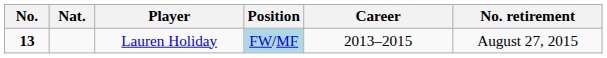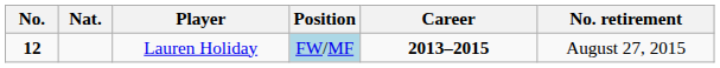 <table class="wikitable" style="text-align:center">
 <tr>
 <th style="width:40px;">No.</th>
 <th style="width:40px;">Nat.</th>
 <th style="width:150px;">Player</th>
 <th style="width:40px;">Position</th>
 <th style="width:150px;">Career</th>
 <th style="width:150px;">No. retirement</th>
 </tr>
 <tr>
-<td><strong>13</strong></td>
+<td><strong>12</strong></td>
 <td></td>
 <td><a href='#'>Lauren Holiday</a></td>
 <td style="background: lightblue;"><a href='#'>FW</a>/<a href='#'>MF</a></td>
-<td>2013–2015</td>
+<td><strong>2013–2015</strong></td>
 <td>August 27, 2015</td>
 </tr>
 </table>
